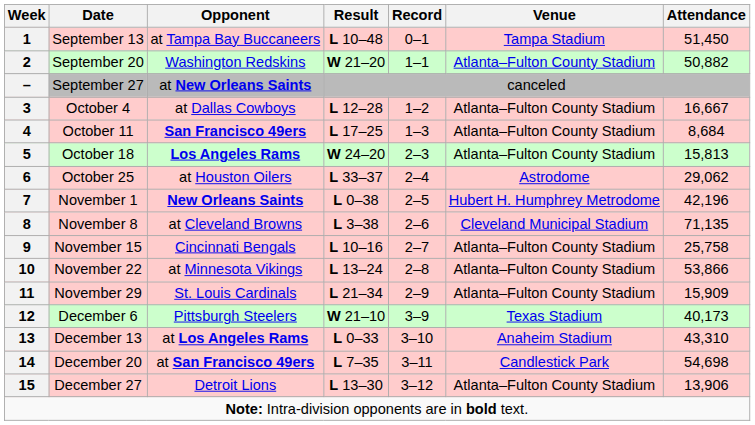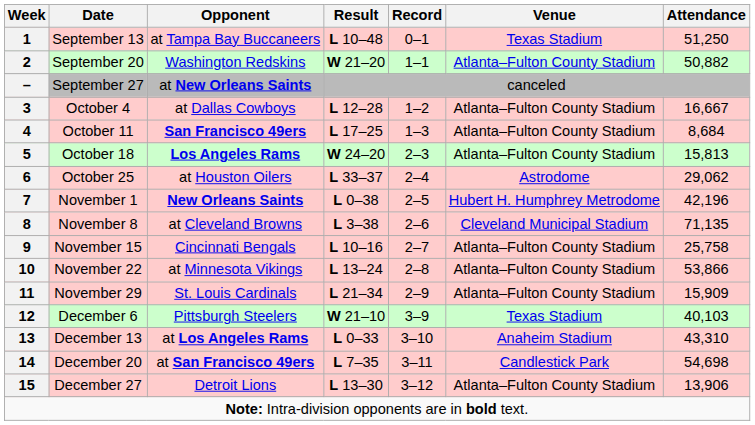 <table class="wikitable" align=center  style="text-align: center;">
 <tr>
 <th>Week</th>
 <th>Date</th>
 <th>Opponent</th>
 <th>Result</th>
 <th>Record</th>
 <th>Venue</th>
 <th>Attendance</th>
 </tr>
 <tr style="background:#fcc">
 <th>1</th>
 <td>September 13</td>
 <td>at <a href='#'>Tampa Bay Buccaneers</a></td>
 <td><strong>L</strong> 10–48</td>
 <td>0–1</td>
-<td><a href='#'>Tampa Stadium</a></td>
-<td>51,450</td>
+<td><a href='#'>Texas Stadium</a></td>
+<td>51,250</td>
 </tr>
 <tr style="background:#cfc">
 <th>2</th>
 <td>September 20</td>
 <td><a href='#'>Washington Redskins</a></td>
 <td><strong>W</strong> 21–20</td>
 <td>1–1</td>
 <td><a href='#'>Atlanta–Fulton County Stadium</a></td>
 <td>50,882</td>
 </tr>
 <tr style="background:#bababa">
 <th>–</th>
 <td>September 27</td>
 <td>at <strong><a href='#'>New Orleans Saints</a></strong></td>
 <td colspan="4">canceled</td>
 </tr>
 <tr style="background:#fcc">
 <th>3</th>
 <td>October 4</td>
 <td>at <a href='#'>Dallas Cowboys</a></td>
 <td><strong>L</strong> 12–28</td>
 <td>1–2</td>
 <td>Atlanta–Fulton County Stadium</td>
 <td>16,667</td>
 </tr>
 <tr style="background:#fcc">
 <th>4</th>
 <td>October 11</td>
 <td><strong><a href='#'>San Francisco 49ers</a></strong></td>
 <td><strong>L</strong> 17–25</td>
 <td>1–3</td>
 <td>Atlanta–Fulton County Stadium</td>
 <td>8,684</td>
 </tr>
 <tr style="background:#cfc">
 <th>5</th>
 <td>October 18</td>
 <td><strong><a href='#'>Los Angeles Rams</a></strong></td>
 <td><strong>W</strong> 24–20</td>
 <td>2–3</td>
 <td>Atlanta–Fulton County Stadium</td>
 <td>15,813</td>
 </tr>
 <tr style="background:#fcc">
 <th>6</th>
 <td>October 25</td>
 <td>at <a href='#'>Houston Oilers</a></td>
 <td><strong>L</strong> 33–37</td>
 <td>2–4</td>
 <td><a href='#'>Astrodome</a></td>
 <td>29,062</td>
 </tr>
 <tr style="background:#fcc">
 <th>7</th>
 <td>November 1</td>
 <td><strong><a href='#'>New Orleans Saints</a></strong></td>
 <td><strong>L</strong> 0–38</td>
 <td>2–5</td>
 <td><a href='#'>Hubert H. Humphrey Metrodome</a></td>
 <td>42,196</td>
 </tr>
 <tr style="background:#fcc">
 <th>8</th>
 <td>November 8</td>
 <td>at <a href='#'>Cleveland Browns</a></td>
 <td><strong>L</strong> 3–38</td>
 <td>2–6</td>
 <td><a href='#'>Cleveland Municipal Stadium</a></td>
 <td>71,135</td>
 </tr>
 <tr style="background:#fcc">
 <th>9</th>
 <td>November 15</td>
 <td><a href='#'>Cincinnati Bengals</a></td>
 <td><strong>L</strong> 10–16</td>
 <td>2–7</td>
 <td>Atlanta–Fulton County Stadium</td>
 <td>25,758</td>
 </tr>
 <tr style="background:#fcc">
 <th>10</th>
 <td>November 22</td>
 <td>at <a href='#'>Minnesota Vikings</a></td>
 <td><strong>L</strong> 13–24</td>
 <td>2–8</td>
 <td>Atlanta–Fulton County Stadium</td>
 <td>53,866</td>
 </tr>
 <tr style="background:#fcc">
 <th>11</th>
 <td>November 29</td>
 <td><a href='#'>St. Louis Cardinals</a></td>
 <td><strong>L</strong> 21–34</td>
 <td>2–9</td>
 <td>Atlanta–Fulton County Stadium</td>
 <td>15,909</td>
 </tr>
 <tr style="background:#cfc">
 <th>12</th>
 <td>December 6</td>
 <td><a href='#'>Pittsburgh Steelers</a></td>
 <td><strong>W</strong> 21–10</td>
 <td>3–9</td>
 <td><a href='#'>Texas Stadium</a></td>
-<td>40,173</td>
+<td>40,103</td>
 </tr>
 <tr style="background:#fcc">
 <th>13</th>
 <td>December 13</td>
 <td>at <strong><a href='#'>Los Angeles Rams</a></strong></td>
 <td><strong>L</strong> 0–33</td>
 <td>3–10</td>
 <td><a href='#'>Anaheim Stadium</a></td>
 <td>43,310</td>
 </tr>
 <tr style="background:#fcc">
 <th>14</th>
 <td>December 20</td>
 <td>at <strong><a href='#'>San Francisco 49ers</a></strong></td>
 <td><strong>L</strong> 7–35</td>
 <td>3–11</td>
 <td><a href='#'>Candlestick Park</a></td>
 <td>54,698</td>
 </tr>
 <tr style="background:#fcc">
 <th>15</th>
 <td>December 27</td>
 <td><a href='#'>Detroit Lions</a></td>
 <td><strong>L</strong> 13–30</td>
 <td>3–12</td>
 <td>Atlanta–Fulton County Stadium</td>
 <td>13,906</td>
 </tr>
 <tr>
 <td colspan="7"><strong>Note:</strong> Intra-division opponents are in <strong>bold</strong> text.</td>
 </tr>
 </table>
